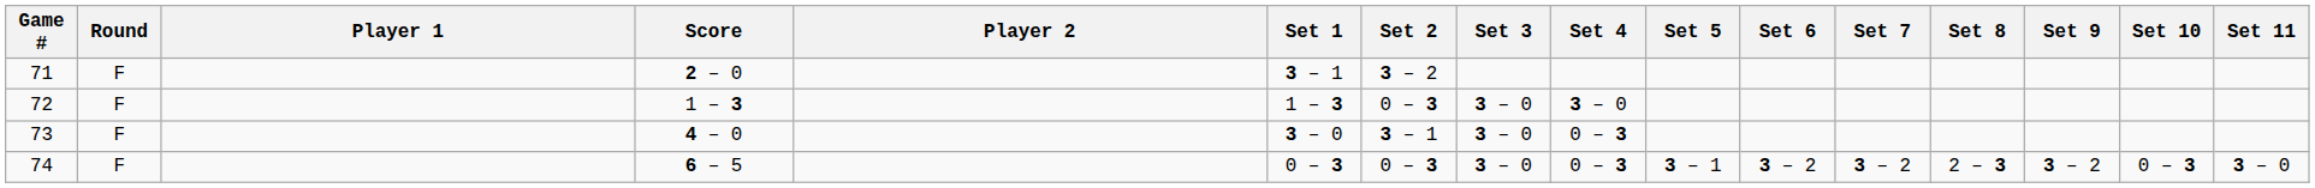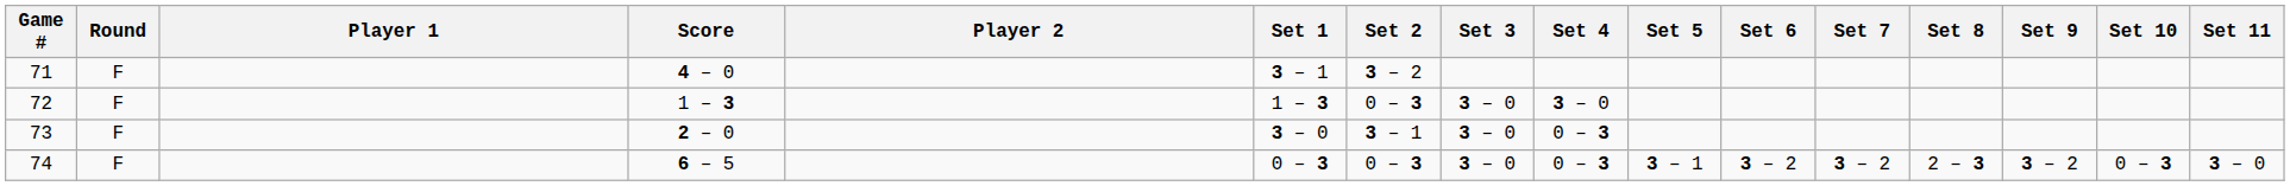 <table class="wikitable">
 <tr>
 <th width="2%">Game #</th>
 <th width="2%">Round</th>
 <th width="15%">Player 1</th>
 <th width="5%">Score</th>
 <th width="15%">Player 2</th>
 <th width="3%">Set 1</th>
 <th width="3%">Set 2</th>
 <th width="3%">Set 3</th>
 <th width="3%">Set 4</th>
 <th width="3%">Set 5</th>
 <th width="3%">Set 6</th>
 <th width="3%">Set 7</th>
 <th width="3%">Set 8</th>
 <th width="3%">Set 9</th>
 <th width="3%">Set 10</th>
 <th width="3%">Set 11</th>
 </tr>
 <tr style=text-align:center;"background:#;">
 <td>71</td>
 <td>F</td>
 <td></td>
-<td><strong>2</strong> – 0</td>
+<td><strong>4</strong> – 0</td>
 <td></td>
 <td><strong>3</strong> – 1</td>
 <td><strong>3</strong> – 2</td>
 <td></td>
 <td></td>
 <td></td>
 <td></td>
 <td></td>
 <td></td>
 <td></td>
 <td></td>
 <td></td>
 </tr>
 <tr style=text-align:center;"background:#;">
 <td>72</td>
 <td>F</td>
 <td></td>
 <td>1 – <strong>3</strong></td>
 <td></td>
 <td>1 – <strong>3</strong></td>
 <td>0 – <strong>3</strong></td>
 <td><strong>3</strong> – 0</td>
 <td><strong>3</strong> – 0</td>
 <td></td>
 <td></td>
 <td></td>
 <td></td>
 <td></td>
 <td></td>
 <td></td>
 </tr>
 <tr style=text-align:center;"background:#;">
 <td>73</td>
 <td>F</td>
 <td></td>
-<td><strong>4</strong> – 0</td>
+<td><strong>2</strong> – 0</td>
 <td></td>
 <td><strong>3</strong> – 0</td>
 <td><strong>3</strong> – 1</td>
 <td><strong>3</strong> – 0</td>
 <td>0 – <strong>3</strong></td>
 <td></td>
 <td></td>
 <td></td>
 <td></td>
 <td></td>
 <td></td>
 <td></td>
 </tr>
 <tr style=text-align:center;"background:#;">
 <td>74</td>
 <td>F</td>
 <td></td>
 <td><strong>6</strong> – 5</td>
 <td></td>
 <td>0 – <strong>3</strong></td>
 <td>0 – <strong>3</strong></td>
 <td><strong>3</strong> – 0</td>
 <td>0 – <strong>3</strong></td>
 <td><strong>3</strong> – 1</td>
 <td><strong>3</strong> – 2</td>
 <td><strong>3</strong> – 2</td>
 <td>2 – <strong>3</strong></td>
 <td><strong>3</strong> – 2</td>
 <td>0 – <strong>3</strong></td>
 <td><strong>3</strong> – 0</td>
 </tr>
 </table>
